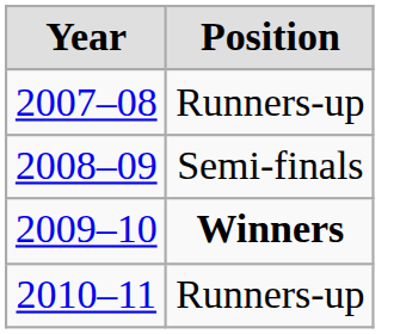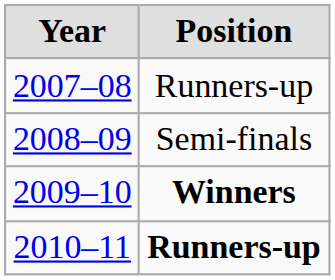 <table class="wikitable">
 <tr style="text-align:center; background:#dfdfdf;">
 <td><strong>Year</strong></td>
 <td><strong>Position</strong></td>
 </tr>
 <tr style="text-align:center;">
 <td><a href='#'>2007–08</a></td>
 <td>Runners-up</td>
 </tr>
 <tr style="text-align:center;">
 <td><a href='#'>2008–09</a></td>
 <td>Semi-finals</td>
 </tr>
 <tr style="text-align:center;">
 <td><a href='#'>2009–10</a></td>
 <td><strong>Winners</strong></td>
 </tr>
 <tr style="text-align:center;">
 <td><a href='#'>2010–11</a></td>
-<td>Runners-up</td>
+<td><strong>Runners-up</strong></td>
 </tr>
 </table>
